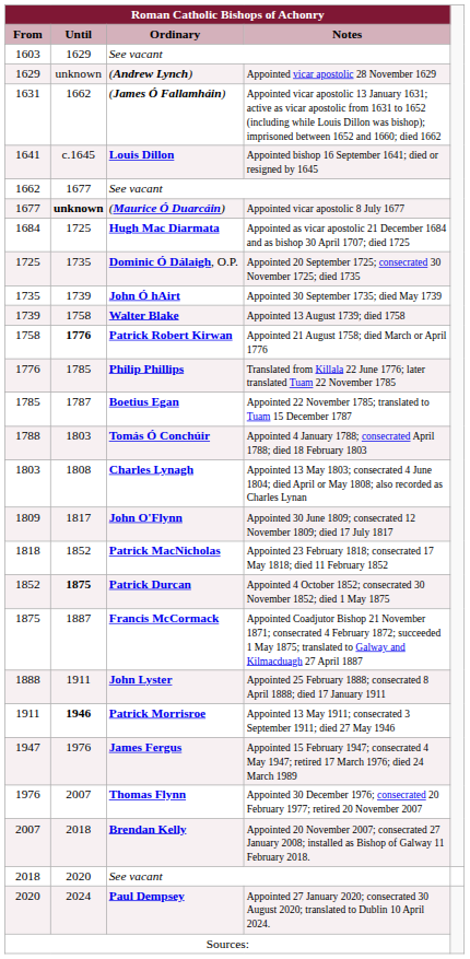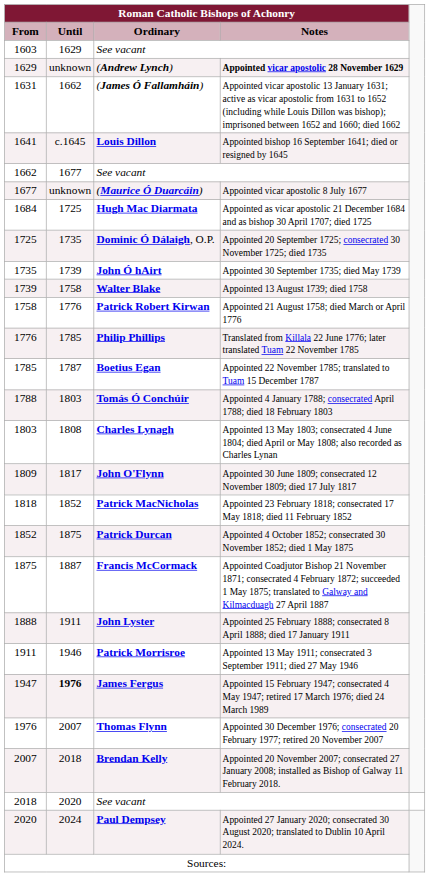 <table class="wikitable" style="width:95%;" border="1" cellpadding="2">
 <tr>
 <th colspan="4" style="background-color: #7F1734; color: white;">Roman Catholic Bishops of Achonry</th>
 </tr>
 <tr align=top>
 <th style="background-color: #D4B1BB; width: 10%;">From</th>
 <th style="background-color: #D4B1BB; width: 10%;">Until</th>
 <th style="background-color: #D4B1BB; width: 30%;">Ordinary</th>
 <th style="background-color: #D4B1BB; width: 45%;">Notes</th>
 </tr>
 <tr valign=top bgcolor="white">
 <td align=center>1603</td>
 <td align=center>1629</td>
 <td colspan=2><em>See vacant</em></td>
 </tr>
 <tr valign=top bgcolor="#F7F0F2">
 <td align=center>1629</td>
 <td align=center>unknown</td>
 <td><em>(<strong>Andrew Lynch</strong>)</em></td>
-<td><small>Appointed <a href='#'>vicar apostolic</a> 28 November 1629</small></td>
+<td><strong><small>Appointed <a href='#'>vicar apostolic</a> 28 November 1629</small></strong></td>
 </tr>
 <tr valign=top bgcolor="white">
 <td align=center>1631</td>
 <td align=center>1662</td>
 <td><em>(<strong>James Ó Fallamháin</strong>)</em></td>
 <td><small>Appointed vicar apostolic 13 January 1631; active as vicar apostolic from 1631 to 1652 (including while Louis Dillon was bishop); imprisoned between 1652 and 1660; died 1662</small></td>
 </tr>
 <tr valign=top bgcolor="#F7F0F2">
 <td align=center>1641</td>
 <td align=center>c.1645</td>
 <td><strong><a href='#'>Louis Dillon</a></strong></td>
 <td><small>Appointed bishop 16 September 1641; died or resigned by 1645</small></td>
 </tr>
 <tr valign=top bgcolor="white">
 <td align=center>1662</td>
 <td align=center>1677</td>
 <td colspan=2><em>See vacant</em></td>
 </tr>
 <tr valign=top bgcolor="#F7F0F2">
 <td align=center>1677</td>
-<td align=center><strong>unknown</strong></td>
+<td align=center>unknown</td>
 <td><em>(<strong><a href='#'>Maurice Ó Duarcáin</a></strong>)</em></td>
 <td><small>Appointed vicar apostolic 8 July 1677</small></td>
 </tr>
 <tr valign=top bgcolor="white">
 <td align=center>1684</td>
 <td align=center>1725</td>
 <td><strong><a href='#'>Hugh Mac Diarmata</a></strong></td>
 <td><small>Appointed as vicar apostolic 21 December 1684 and as bishop 30 April 1707; died 1725</small></td>
 </tr>
 <tr valign=top bgcolor="#F7F0F2">
 <td align=center>1725</td>
 <td align=center>1735</td>
 <td><strong><a href='#'>Dominic Ó Dálaigh</a></strong>, O.P.</td>
 <td><small>Appointed 20 September 1725; <a href='#'>consecrated</a> 30 November 1725; died 1735</small></td>
 </tr>
 <tr valign=top bgcolor="white">
 <td align=center>1735</td>
 <td align=center>1739</td>
 <td><strong><a href='#'>John Ó hAirt</a></strong></td>
 <td><small>Appointed 30 September 1735; died May 1739</small></td>
 </tr>
 <tr valign=top bgcolor="#F7F0F2">
 <td align=center>1739</td>
 <td align=center>1758</td>
 <td><strong><a href='#'>Walter Blake</a></strong></td>
 <td><small>Appointed 13 August 1739; died 1758</small></td>
 </tr>
 <tr valign=top bgcolor="white">
 <td align=center>1758</td>
-<td align=center><strong>1776</strong></td>
+<td align=center>1776</td>
 <td><strong><a href='#'>Patrick Robert Kirwan</a></strong></td>
 <td><small>Appointed 21 August 1758; died March or April 1776</small></td>
 </tr>
 <tr valign=top bgcolor="#F7F0F2">
 <td align=center>1776</td>
 <td align=center>1785</td>
 <td><strong><a href='#'>Philip Phillips</a></strong></td>
 <td><small>Translated from <a href='#'>Killala</a> 22 June 1776; later translated <a href='#'>Tuam</a> 22 November 1785</small></td>
 </tr>
 <tr valign=top bgcolor="white">
 <td align=center>1785</td>
 <td align=center>1787</td>
 <td><strong><a href='#'>Boetius Egan</a></strong></td>
 <td><small>Appointed 22 November 1785; translated to <a href='#'>Tuam</a> 15 December 1787</small></td>
 </tr>
 <tr valign=top bgcolor="#F7F0F2">
 <td align=center>1788</td>
 <td align=center>1803</td>
 <td><strong><a href='#'>Tomás Ó Conchúir</a></strong></td>
 <td><small>Appointed 4 January 1788; <a href='#'>consecrated</a> April 1788; died 18 February 1803</small></td>
 </tr>
 <tr valign=top bgcolor="white">
 <td align=center>1803</td>
 <td align=center>1808</td>
 <td><strong><a href='#'>Charles Lynagh</a></strong></td>
 <td><small>Appointed 13 May 1803; consecrated 4 June 1804; died April or May 1808; also recorded as Charles Lynan</small></td>
 </tr>
 <tr valign=top bgcolor="#F7F0F2">
 <td align=center>1809</td>
 <td align=center>1817</td>
 <td><strong><a href='#'>John O'Flynn</a></strong></td>
 <td><small>Appointed 30 June 1809; consecrated 12 November 1809; died 17 July 1817</small></td>
 </tr>
 <tr valign=top bgcolor="white">
 <td align=center>1818</td>
 <td align=center>1852</td>
 <td><strong><a href='#'>Patrick MacNicholas</a></strong></td>
 <td><small>Appointed 23 February 1818; consecrated 17 May 1818; died 11 February 1852</small></td>
 </tr>
 <tr valign=top bgcolor="#F7F0F2">
 <td align=center>1852</td>
-<td align=center><strong>1875</strong></td>
+<td align=center>1875</td>
 <td><strong><a href='#'>Patrick Durcan</a></strong></td>
 <td><small>Appointed 4 October 1852; consecrated 30 November 1852; died 1 May 1875</small></td>
 </tr>
 <tr valign=top bgcolor="white">
 <td align=center>1875</td>
 <td align=center>1887</td>
 <td><strong><a href='#'>Francis McCormack</a></strong></td>
 <td><small>Appointed Coadjutor Bishop 21 November 1871; consecrated 4 February 1872; succeeded 1 May 1875; translated to <a href='#'>Galway and Kilmacduagh</a> 27 April 1887</small></td>
 </tr>
 <tr valign=top bgcolor="#F7F0F2">
 <td align=center>1888</td>
 <td align=center>1911</td>
 <td><strong><a href='#'>John Lyster</a></strong></td>
 <td><small>Appointed 25 February 1888; consecrated 8 April 1888; died 17 January 1911</small></td>
 </tr>
 <tr valign=top bgcolor="white">
 <td align=center>1911</td>
-<td align=center><strong>1946</strong></td>
+<td align=center>1946</td>
 <td><strong><a href='#'>Patrick Morrisroe</a></strong></td>
 <td><small>Appointed 13 May 1911; consecrated 3 September 1911; died 27 May 1946</small></td>
 </tr>
 <tr valign=top bgcolor="#F7F0F2">
 <td align=center>1947</td>
-<td align=center>1976</td>
+<td align=center><strong>1976</strong></td>
 <td><strong><a href='#'>James Fergus</a></strong></td>
 <td><small>Appointed 15 February 1947; consecrated 4 May 1947; retired 17 March 1976; died 24 March 1989</small></td>
 </tr>
 <tr valign=top bgcolor="white">
 <td align=center>1976</td>
 <td align=center>2007</td>
 <td><strong><a href='#'>Thomas Flynn</a></strong></td>
 <td><small>Appointed 30 December 1976; <a href='#'>consecrated</a> 20 February 1977; retired 20 November 2007</small></td>
 </tr>
 <tr valign=top bgcolor="#F7F0F2">
 <td align=center>2007</td>
 <td align=center>2018</td>
 <td><strong><a href='#'>Brendan Kelly</a></strong></td>
 <td><small>Appointed 20 November 2007; consecrated 27 January 2008; installed as Bishop of Galway 11 February 2018.</small></td>
 </tr>
 <tr valign=top bgcolor="white">
 <td align=center>2018</td>
 <td align=center>2020</td>
 <td colspan=2><em>See vacant</em></td>
 <td><small></small></td>
 </tr>
 <tr valign=top bgcolor="#F7F0F2">
 <td align=center>2020</td>
 <td align=center>2024</td>
 <td><strong><a href='#'>Paul Dempsey</a></strong></td>
 <td><small>Appointed 27 January 2020; consecrated 30 August 2020; translated to Dublin 10 April 2024.</small></td>
 </tr>
 <tr valign=top bgcolor="white">
 <td colspan="4" style="text-align: center;">Sources:</td>
 </tr>
 </table>
